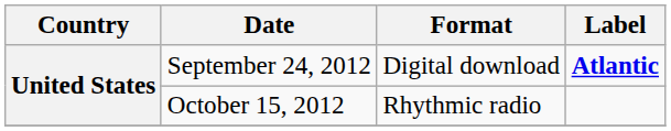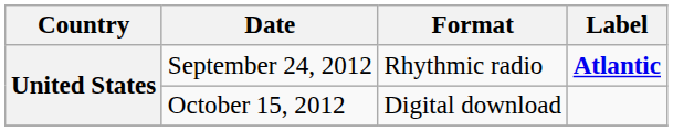 <table class="wikitable plainrowheaders">
 <tr>
 <th scope="col">Country</th>
 <th scope="col">Date</th>
 <th scope="col">Format</th>
 <th scope="col">Label</th>
 </tr>
 <tr>
 <th scope="row" rowspan="2">United States</th>
 <td>September 24, 2012</td>
-<td>Digital download</td>
+<td>Rhythmic radio</td>
 <td><strong><a href='#'>Atlantic</a></strong></td>
 </tr>
 <tr>
 <td>October 15, 2012</td>
-<td>Rhythmic radio</td>
+<td>Digital download</td>
 <td></td>
 </tr>
 <tr>
 </tr>
 </table>
